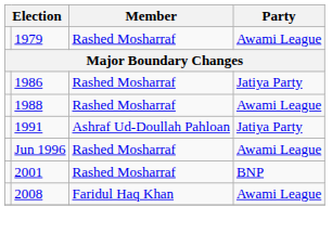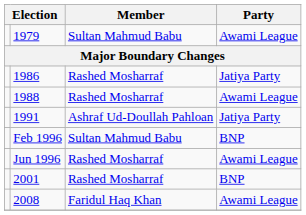 <table class="wikitable">
 <tr>
 <th colspan="2">Election</th>
 <th>Member</th>
 <th>Party</th>
 </tr>
 <tr>
 <td style="background-color:"></td>
 <td><a href='#'>1979</a></td>
-<td><a href='#'>Rashed Mosharraf</a></td>
+<td><a href='#'>Sultan Mahmud Babu</a></td>
 <td><a href='#'>Awami League</a></td>
 </tr>
 <tr>
 <th colspan="4">Major Boundary Changes</th>
 </tr>
 <tr>
 <td style="background-color:"></td>
 <td><a href='#'>1986</a></td>
 <td><a href='#'>Rashed Mosharraf</a></td>
 <td><a href='#'>Jatiya Party</a></td>
 </tr>
 <tr>
 <td style="background-color:"></td>
 <td><a href='#'>1988</a></td>
 <td><a href='#'>Rashed Mosharraf</a></td>
 <td><a href='#'>Awami League</a></td>
 </tr>
 <tr>
 <td style="background-color:"></td>
 <td><a href='#'>1991</a></td>
 <td><a href='#'>Ashraf Ud-Doullah Pahloan</a></td>
 <td><a href='#'>Jatiya Party</a></td>
 </tr>
 <tr>
 <td style="background-color:"></td>
+<td><a href='#'>Feb 1996</a></td>
+<td><a href='#'>Sultan Mahmud Babu</a></td>
+<td><a href='#'>BNP</a></td>
+</tr>
+<tr>
+<td style="background-color:"></td>
 <td><a href='#'>Jun 1996</a></td>
 <td><a href='#'>Rashed Mosharraf</a></td>
 <td><a href='#'>Awami League</a></td>
 </tr>
 <tr>
 <td style="background-color:"></td>
 <td><a href='#'>2001</a></td>
 <td><a href='#'>Rashed Mosharraf</a></td>
 <td><a href='#'>BNP</a></td>
 </tr>
 <tr>
 <td style="background-color:"></td>
 <td><a href='#'>2008</a></td>
 <td><a href='#'>Faridul Haq Khan</a></td>
 <td><a href='#'>Awami League</a></td>
 </tr>
 <tr>
 </tr>
 </table>
